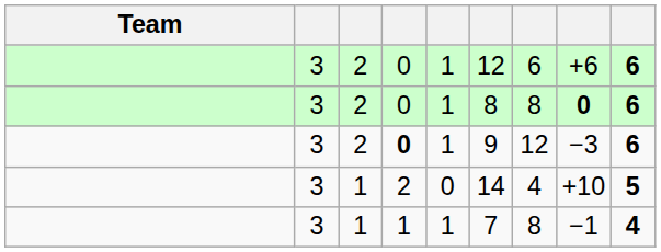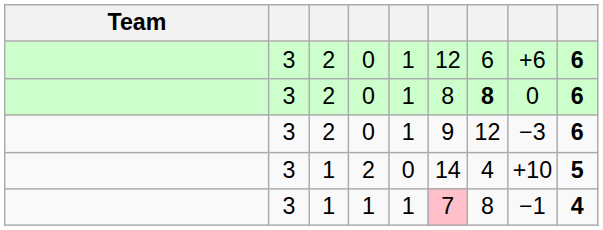 <table class=wikitable style="text-align:center">
 <tr>
 <th width=175>Team</th>
 <th width=20></th>
 <th width=20></th>
 <th width=20></th>
 <th width=20></th>
 <th width=20></th>
 <th width=20></th>
 <th width=20></th>
 <th width=20></th>
 </tr>
 <tr align=center bgcolor=#ccffcc>
 <td style="text-align:left;"></td>
 <td>3</td>
 <td>2</td>
 <td>0</td>
 <td>1</td>
 <td>12</td>
 <td>6</td>
 <td>+6</td>
 <td><strong>6</strong></td>
 </tr>
 <tr align=center bgcolor=#ccffcc>
 <td style="text-align:left;"></td>
 <td>3</td>
 <td>2</td>
 <td>0</td>
 <td>1</td>
 <td>8</td>
-<td>8</td>
-<td><strong>0</strong></td>
+<td><strong>8</strong></td>
+<td>0</td>
 <td><strong>6</strong></td>
 </tr>
 <tr align=center>
 <td style="text-align:left;"></td>
 <td>3</td>
 <td>2</td>
-<td><strong>0</strong></td>
+<td>0</td>
 <td>1</td>
 <td>9</td>
 <td>12</td>
 <td>−3</td>
 <td><strong>6</strong></td>
 </tr>
 <tr align=center>
 <td style="text-align:left;"></td>
 <td>3</td>
 <td>1</td>
 <td>2</td>
 <td>0</td>
 <td>14</td>
 <td>4</td>
 <td>+10</td>
 <td><strong>5</strong></td>
 </tr>
 <tr align=center>
 <td style="text-align:left;"></td>
 <td>3</td>
 <td>1</td>
 <td>1</td>
 <td>1</td>
-<td>7</td>
+<td style="background: pink;">7</td>
 <td>8</td>
 <td>−1</td>
 <td><strong>4</strong></td>
 </tr>
 </table>
